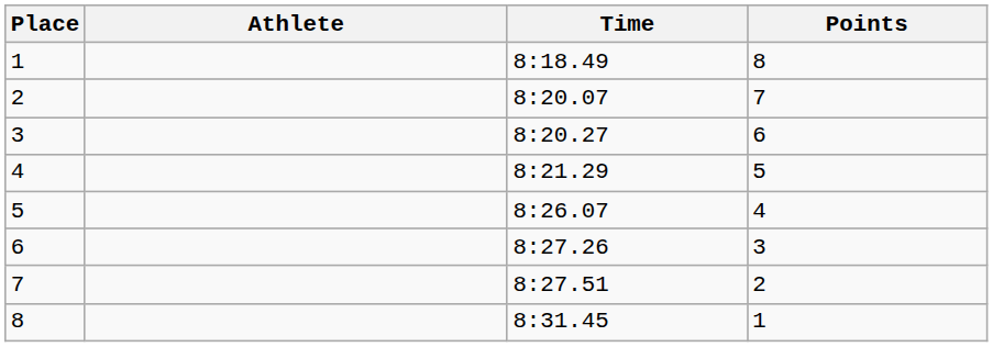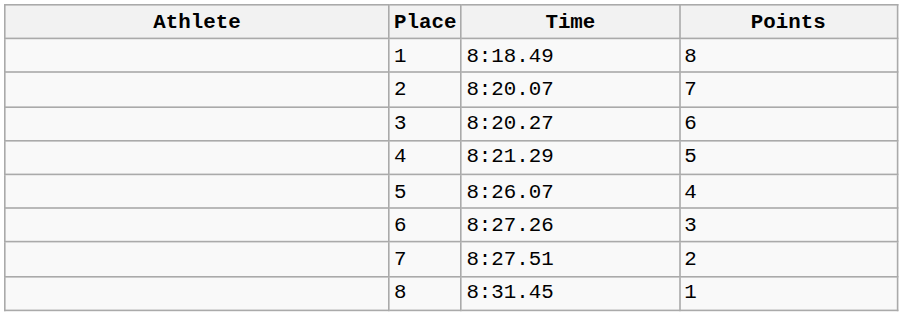 <table class=wikitable>
 <tr>
+<th style="width:18em">Athlete</th>
 <th>Place</th>
-<th style="width:18em">Athlete</th>
 <th style="width:10em">Time</th>
 <th style="width:10em">Points</th>
 </tr>
 <tr>
+<td></td>
 <td>1</td>
-<td></td>
 <td>8:18.49    </td>
 <td>8</td>
 </tr>
 <tr>
+<td></td>
 <td>2</td>
-<td></td>
 <td>8:20.07 </td>
 <td>7</td>
 </tr>
 <tr>
+<td></td>
 <td>3</td>
-<td></td>
 <td>8:20.27 </td>
 <td>6</td>
 </tr>
 <tr>
+<td></td>
 <td>4</td>
-<td></td>
 <td>8:21.29 </td>
 <td>5</td>
 </tr>
 <tr>
+<td></td>
 <td>5</td>
-<td></td>
 <td>8:26.07 </td>
 <td>4</td>
 </tr>
 <tr>
+<td></td>
 <td>6</td>
-<td></td>
 <td>8:27.26</td>
 <td>3</td>
 </tr>
 <tr>
+<td></td>
 <td>7</td>
-<td></td>
 <td>8:27.51 </td>
 <td>2</td>
 </tr>
 <tr>
+<td></td>
 <td>8</td>
-<td></td>
 <td>8:31.45</td>
 <td>1</td>
 </tr>
 </table>
